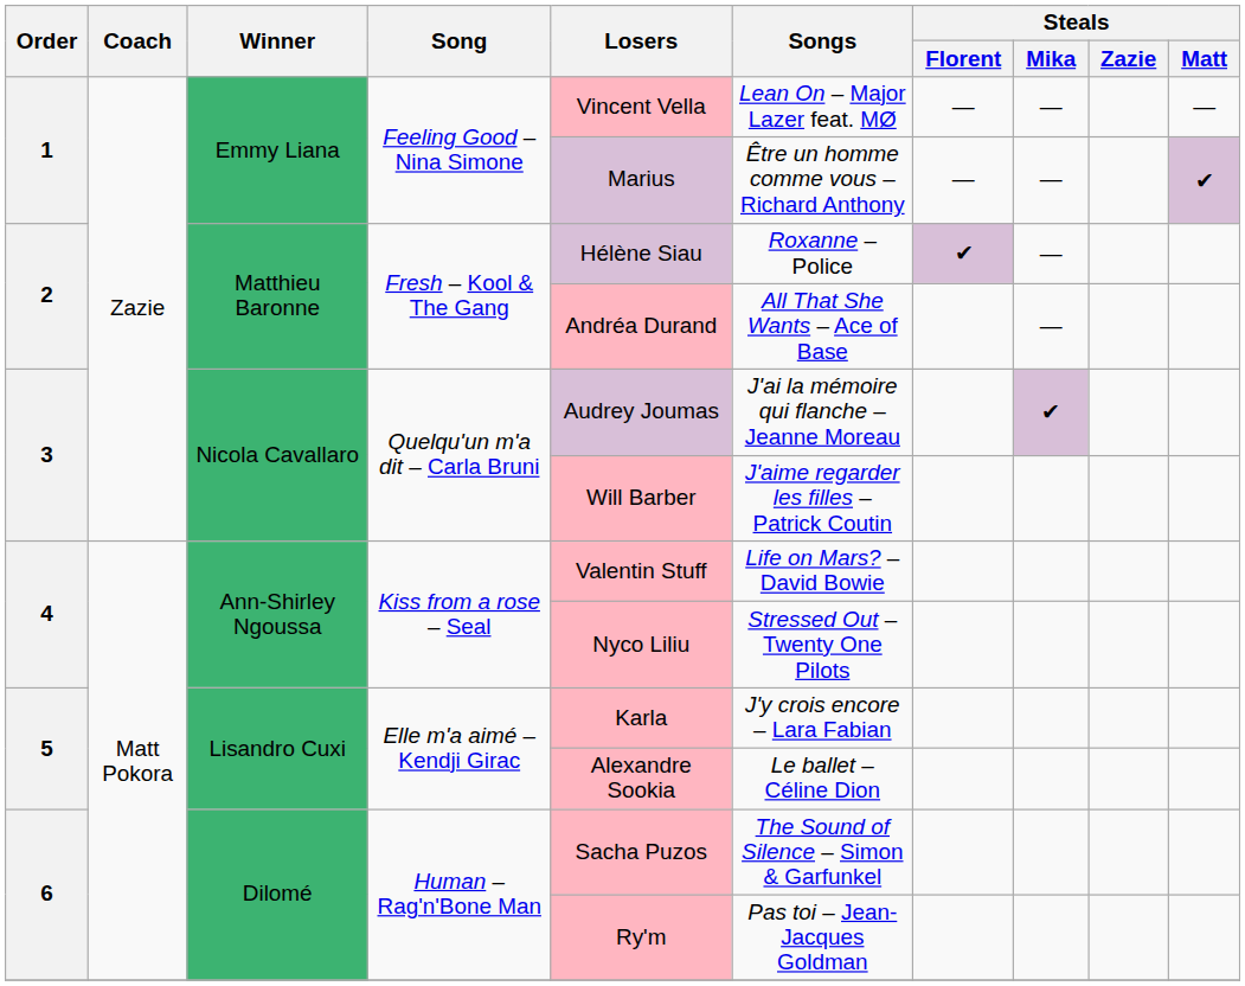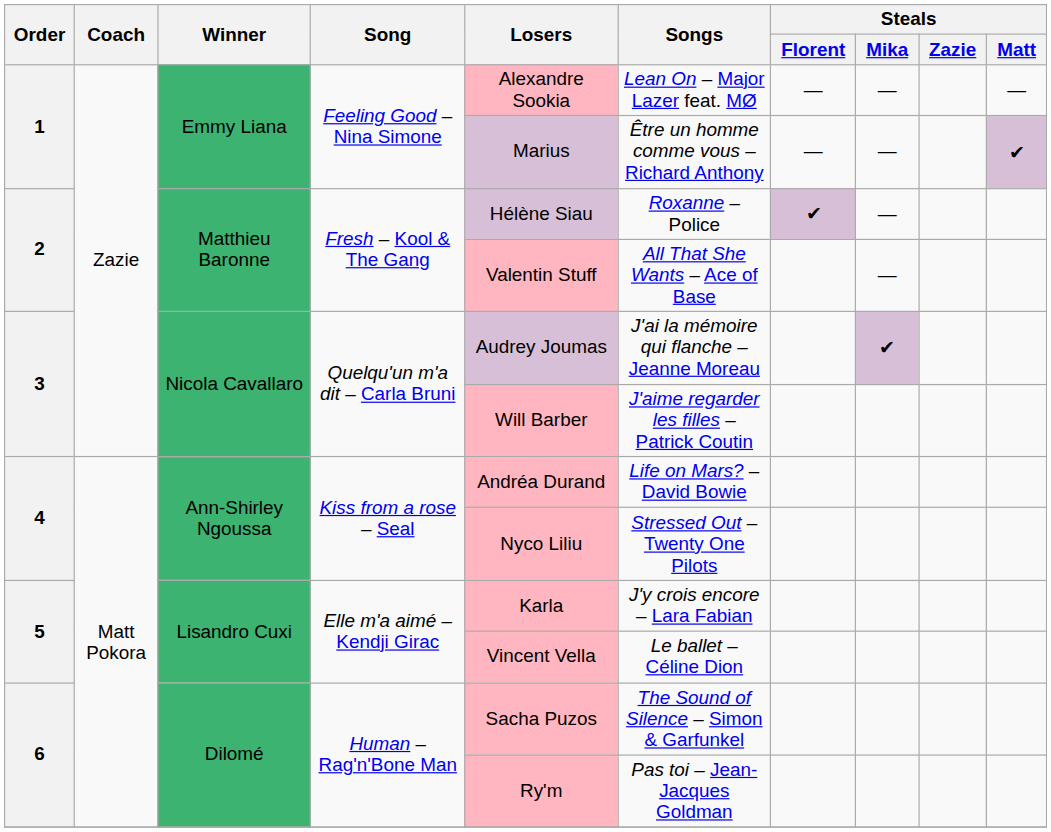 <table class="wikitable" style="text-align:center; width:100%;">
 <tr>
 <th scope="col" style="width:02%;" rowspan="2">Order</th>
 <th scope="col" style="width:03%;" rowspan="2">Coach</th>
 <th scope="col" style="width:10%;" rowspan="2">Winner</th>
 <th scope="col" style="width:10%;" rowspan="2">Song</th>
 <th scope="col" style="width:10%;" rowspan="2">Losers</th>
 <th scope="col" style="width:10%;" rowspan="2">Songs</th>
 <th scope="col" style="width:10%;" colspan="4">Steals</th>
 </tr>
 <tr>
 <th style="width:02.5%;"><a href='#'>Florent</a></th>
 <th style="width:02.5%;"><a href='#'>Mika</a></th>
 <th style="width:02.5%;"><a href='#'>Zazie</a></th>
 <th style="width:02.5%;"><a href='#'>Matt</a></th>
 </tr>
 <tr>
 <th rowspan="2">1</th>
 <td rowspan="6">Zazie</td>
 <td rowspan="2" style="background:mediumseagreen">Emmy Liana</td>
 <td rowspan="2"><em><a href='#'>Feeling Good</a></em> – <a href='#'>Nina Simone</a></td>
-<td style="background:lightpink">Vincent Vella</td>
+<td style="background:lightpink">Alexandre Sookia</td>
 <td><em><a href='#'>Lean On</a></em> – <a href='#'>Major Lazer</a> feat. <a href='#'>MØ</a></td>
 <td>—</td>
 <td>—</td>
 <td></td>
 <td>—</td>
 </tr>
 <tr>
 <td style="background:thistle">Marius</td>
 <td><em>Être un homme comme vous</em> – <a href='#'>Richard Anthony</a></td>
 <td>—</td>
 <td>—</td>
 <td></td>
 <td style="background:thistle">✔</td>
 </tr>
 <tr>
 <th rowspan="2">2</th>
 <td rowspan="2" style="background:mediumseagreen">Matthieu Baronne</td>
 <td rowspan="2"><em><a href='#'>Fresh</a></em> – <a href='#'>Kool & The Gang</a></td>
 <td style="background:thistle">Hélène Siau</td>
 <td><em><a href='#'>Roxanne</a></em> – Police</td>
 <td style="background:thistle">✔</td>
 <td>—</td>
 <td></td>
 <td></td>
 </tr>
 <tr>
-<td style="background:lightpink">Andréa Durand</td>
+<td style="background:lightpink">Valentin Stuff</td>
 <td><em><a href='#'>All That She Wants</a></em> – <a href='#'>Ace of Base</a></td>
 <td></td>
 <td>—</td>
 <td></td>
 <td></td>
 </tr>
 <tr>
 <th rowspan="2">3</th>
 <td rowspan="2" style="background:mediumseagreen">Nicola Cavallaro</td>
 <td rowspan="2"><em>Quelqu'un m'a dit</em> – <a href='#'>Carla Bruni</a></td>
 <td style="background:thistle">Audrey Joumas</td>
 <td><em>J'ai la mémoire qui flanche</em> – <a href='#'>Jeanne Moreau</a></td>
 <td></td>
 <td style="background:thistle">✔</td>
 <td></td>
 <td></td>
 </tr>
 <tr>
 <td style="background:lightpink">Will Barber</td>
 <td><em><a href='#'>J'aime regarder les filles</a></em> – <a href='#'>Patrick Coutin</a></td>
 <td></td>
 <td></td>
 <td></td>
 <td></td>
 </tr>
 <tr>
 <th rowspan="2">4</th>
 <td rowspan="6">Matt Pokora</td>
 <td rowspan="2" style="background:mediumseagreen">Ann-Shirley Ngoussa</td>
 <td rowspan="2"><em><a href='#'>Kiss from a rose</a></em> – <a href='#'>Seal</a></td>
-<td style="background:lightpink">Valentin Stuff</td>
+<td style="background:lightpink">Andréa Durand</td>
 <td><em><a href='#'>Life on Mars?</a></em> – <a href='#'>David Bowie</a></td>
 <td></td>
 <td></td>
 <td></td>
 <td></td>
 </tr>
 <tr>
 <td style="background:lightpink">Nyco Liliu</td>
 <td><em><a href='#'>Stressed Out</a></em> – <a href='#'>Twenty One Pilots</a></td>
 <td></td>
 <td></td>
 <td></td>
 <td></td>
 </tr>
 <tr>
 <th rowspan="2">5</th>
 <td rowspan="2" style="background:mediumseagreen">Lisandro Cuxi</td>
 <td rowspan="2"><em>Elle m'a aimé</em> – <a href='#'>Kendji Girac</a></td>
 <td style="background:lightpink">Karla</td>
 <td><em>J'y crois encore</em> – <a href='#'>Lara Fabian</a></td>
 <td></td>
 <td></td>
 <td></td>
 <td></td>
 </tr>
 <tr>
-<td style="background:lightpink">Alexandre Sookia</td>
+<td style="background:lightpink">Vincent Vella</td>
 <td><em>Le ballet</em> – <a href='#'>Céline Dion</a></td>
 <td></td>
 <td></td>
 <td></td>
 <td></td>
 </tr>
 <tr>
 <th rowspan="2">6</th>
 <td rowspan="2" style="background:mediumseagreen">Dilomé</td>
 <td rowspan="2"><em><a href='#'>Human</a></em> – <a href='#'>Rag'n'Bone Man</a></td>
 <td style="background:lightpink">Sacha Puzos</td>
 <td><em><a href='#'>The Sound of Silence</a></em> – <a href='#'>Simon & Garfunkel</a></td>
 <td></td>
 <td></td>
 <td></td>
 <td></td>
 </tr>
 <tr>
 <td style="background:lightpink">Ry'm</td>
 <td><em>Pas toi</em> – <a href='#'>Jean-Jacques Goldman</a></td>
 <td></td>
 <td></td>
 <td></td>
 <td></td>
 </tr>
 <tr>
 </tr>
 </table>
